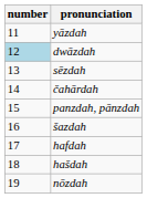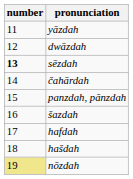 <table class="wikitable">
 <tr>
 <th>number</th>
 <th>pronunciation</th>
 </tr>
 <tr>
 <td>11</td>
 <td><em>yāzdah</em></td>
 </tr>
 <tr>
-<td style="background: lightblue;">12</td>
+<td>12</td>
 <td><em>dwāzdah</em></td>
 </tr>
 <tr>
-<td>13</td>
+<td><strong>13</strong></td>
 <td><em>sēzdah</em></td>
 </tr>
 <tr>
 <td>14</td>
 <td><em>čahārdah</em></td>
 </tr>
 <tr>
 <td>15</td>
 <td><em>panzdah</em>, <em>pānzdah</em></td>
 </tr>
 <tr>
 <td>16</td>
 <td><em>šazdah</em></td>
 </tr>
 <tr>
 <td>17</td>
 <td><em>hafdah</em></td>
 </tr>
 <tr>
 <td>18</td>
 <td><em>hašdah</em></td>
 </tr>
 <tr>
-<td>19</td>
+<td style="background: khaki;">19</td>
 <td><em>nōzdah</em></td>
 </tr>
 </table>
